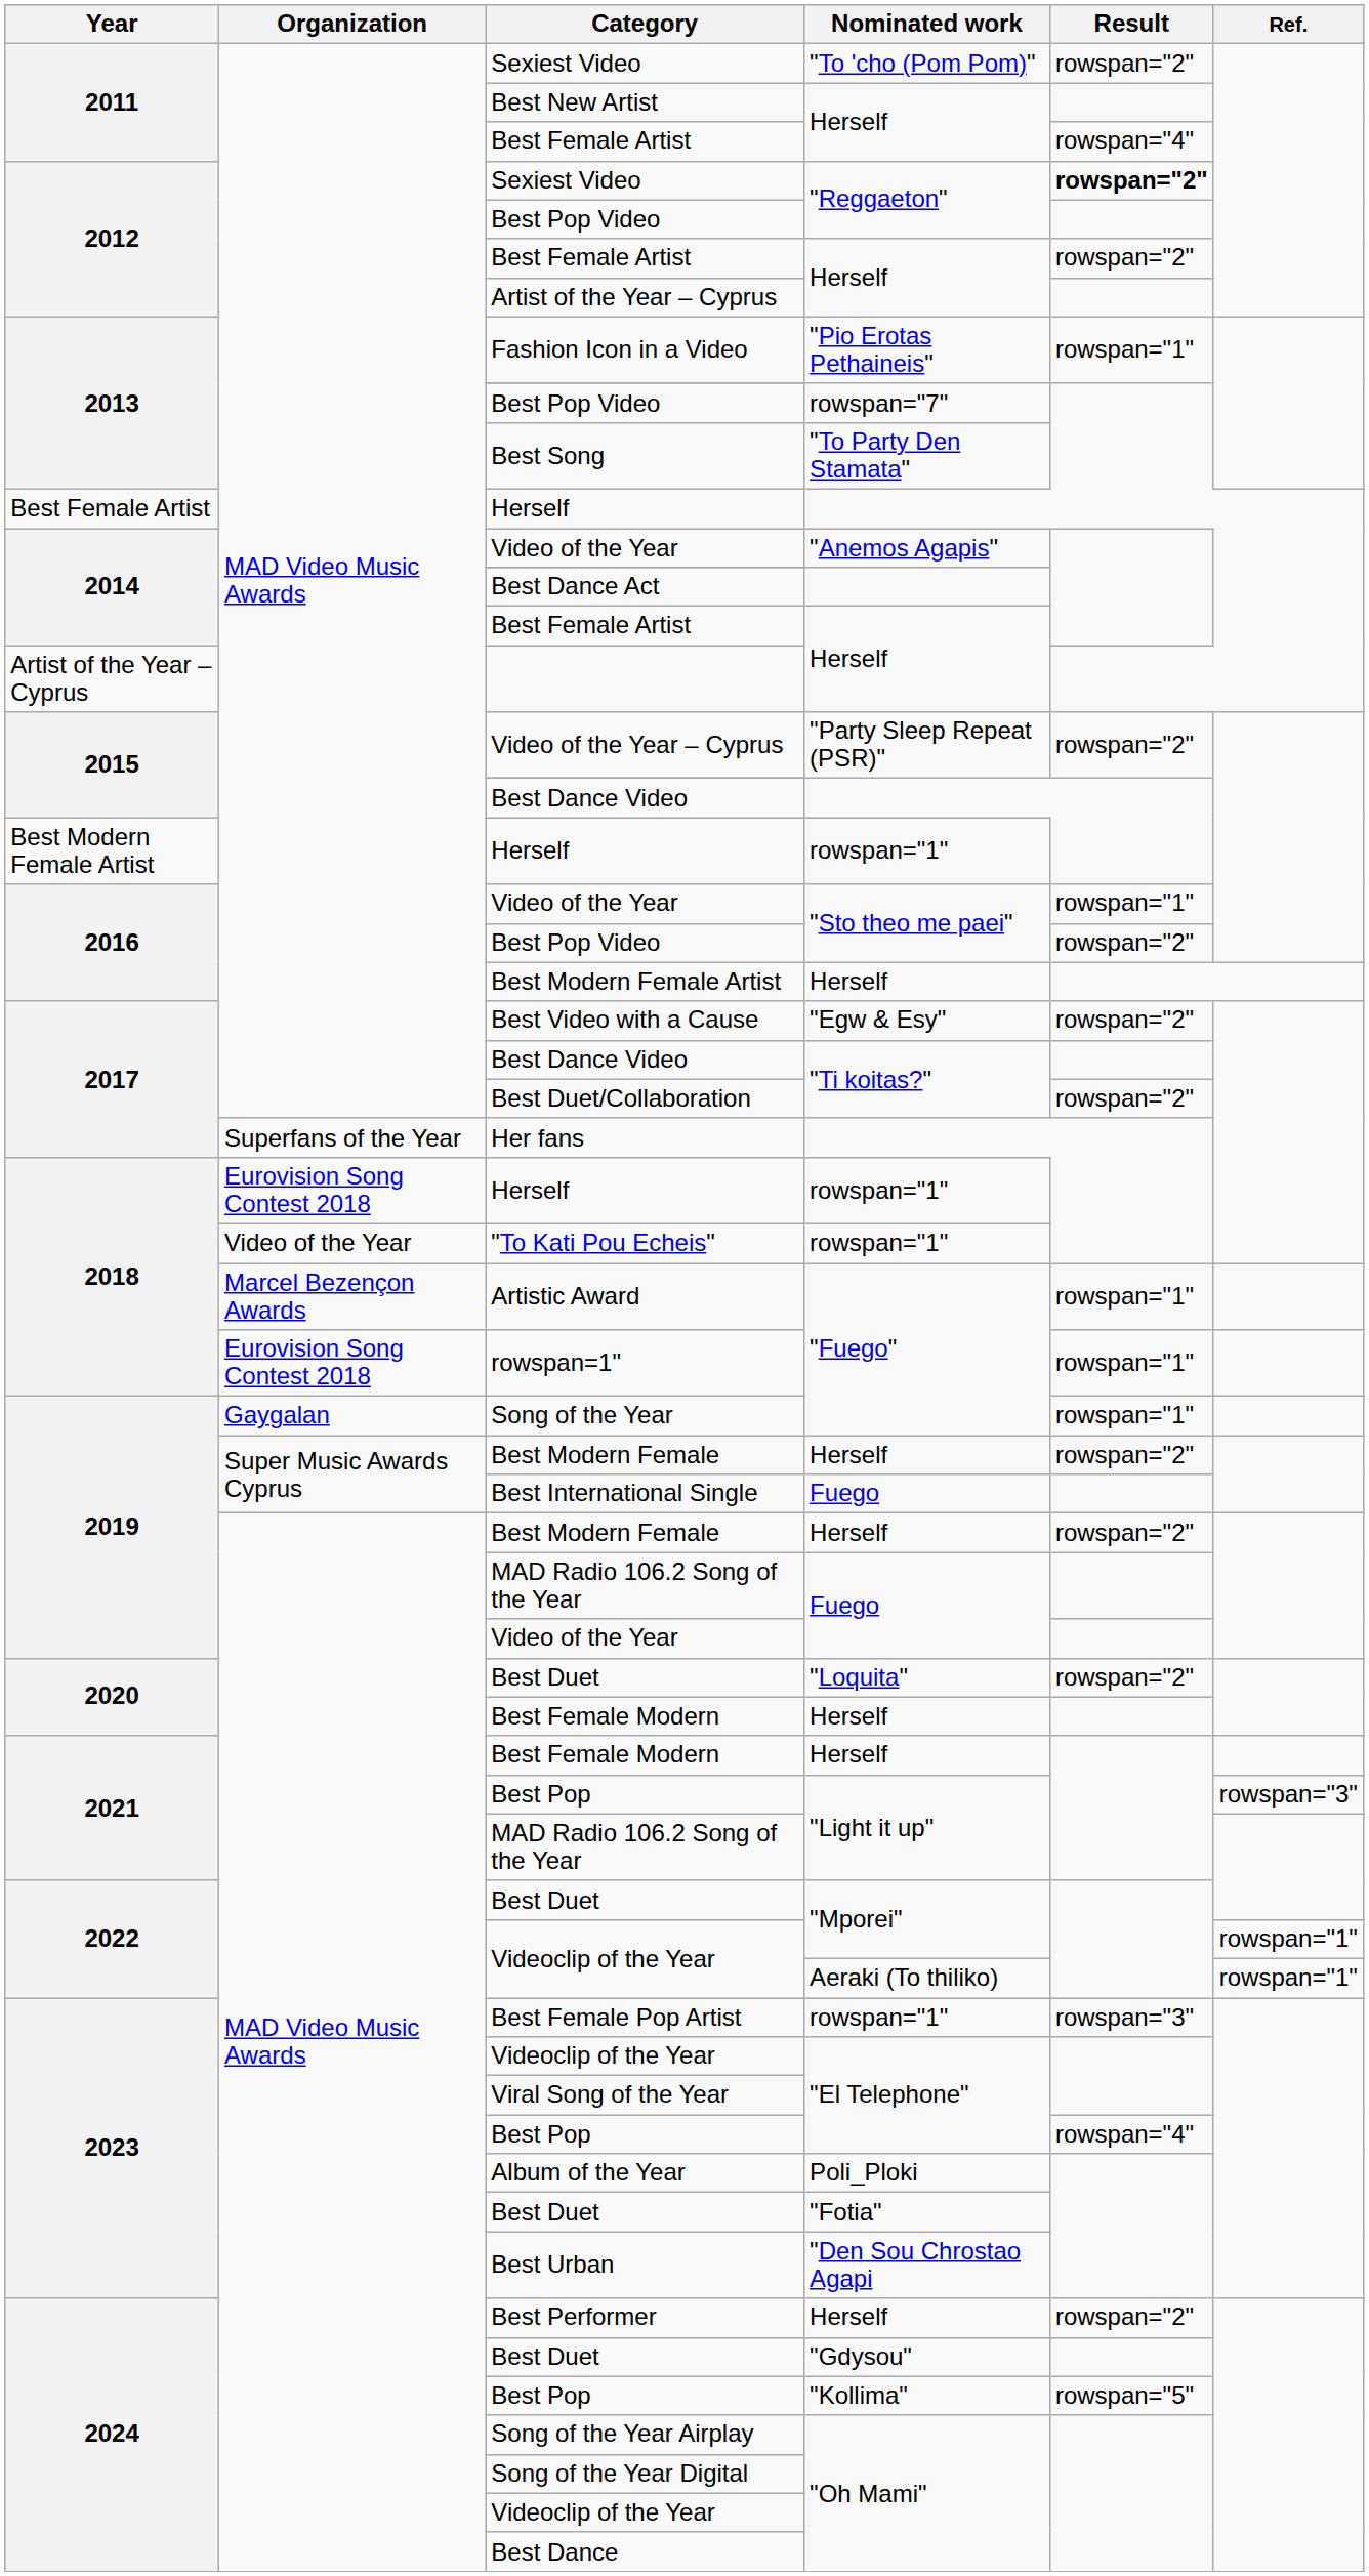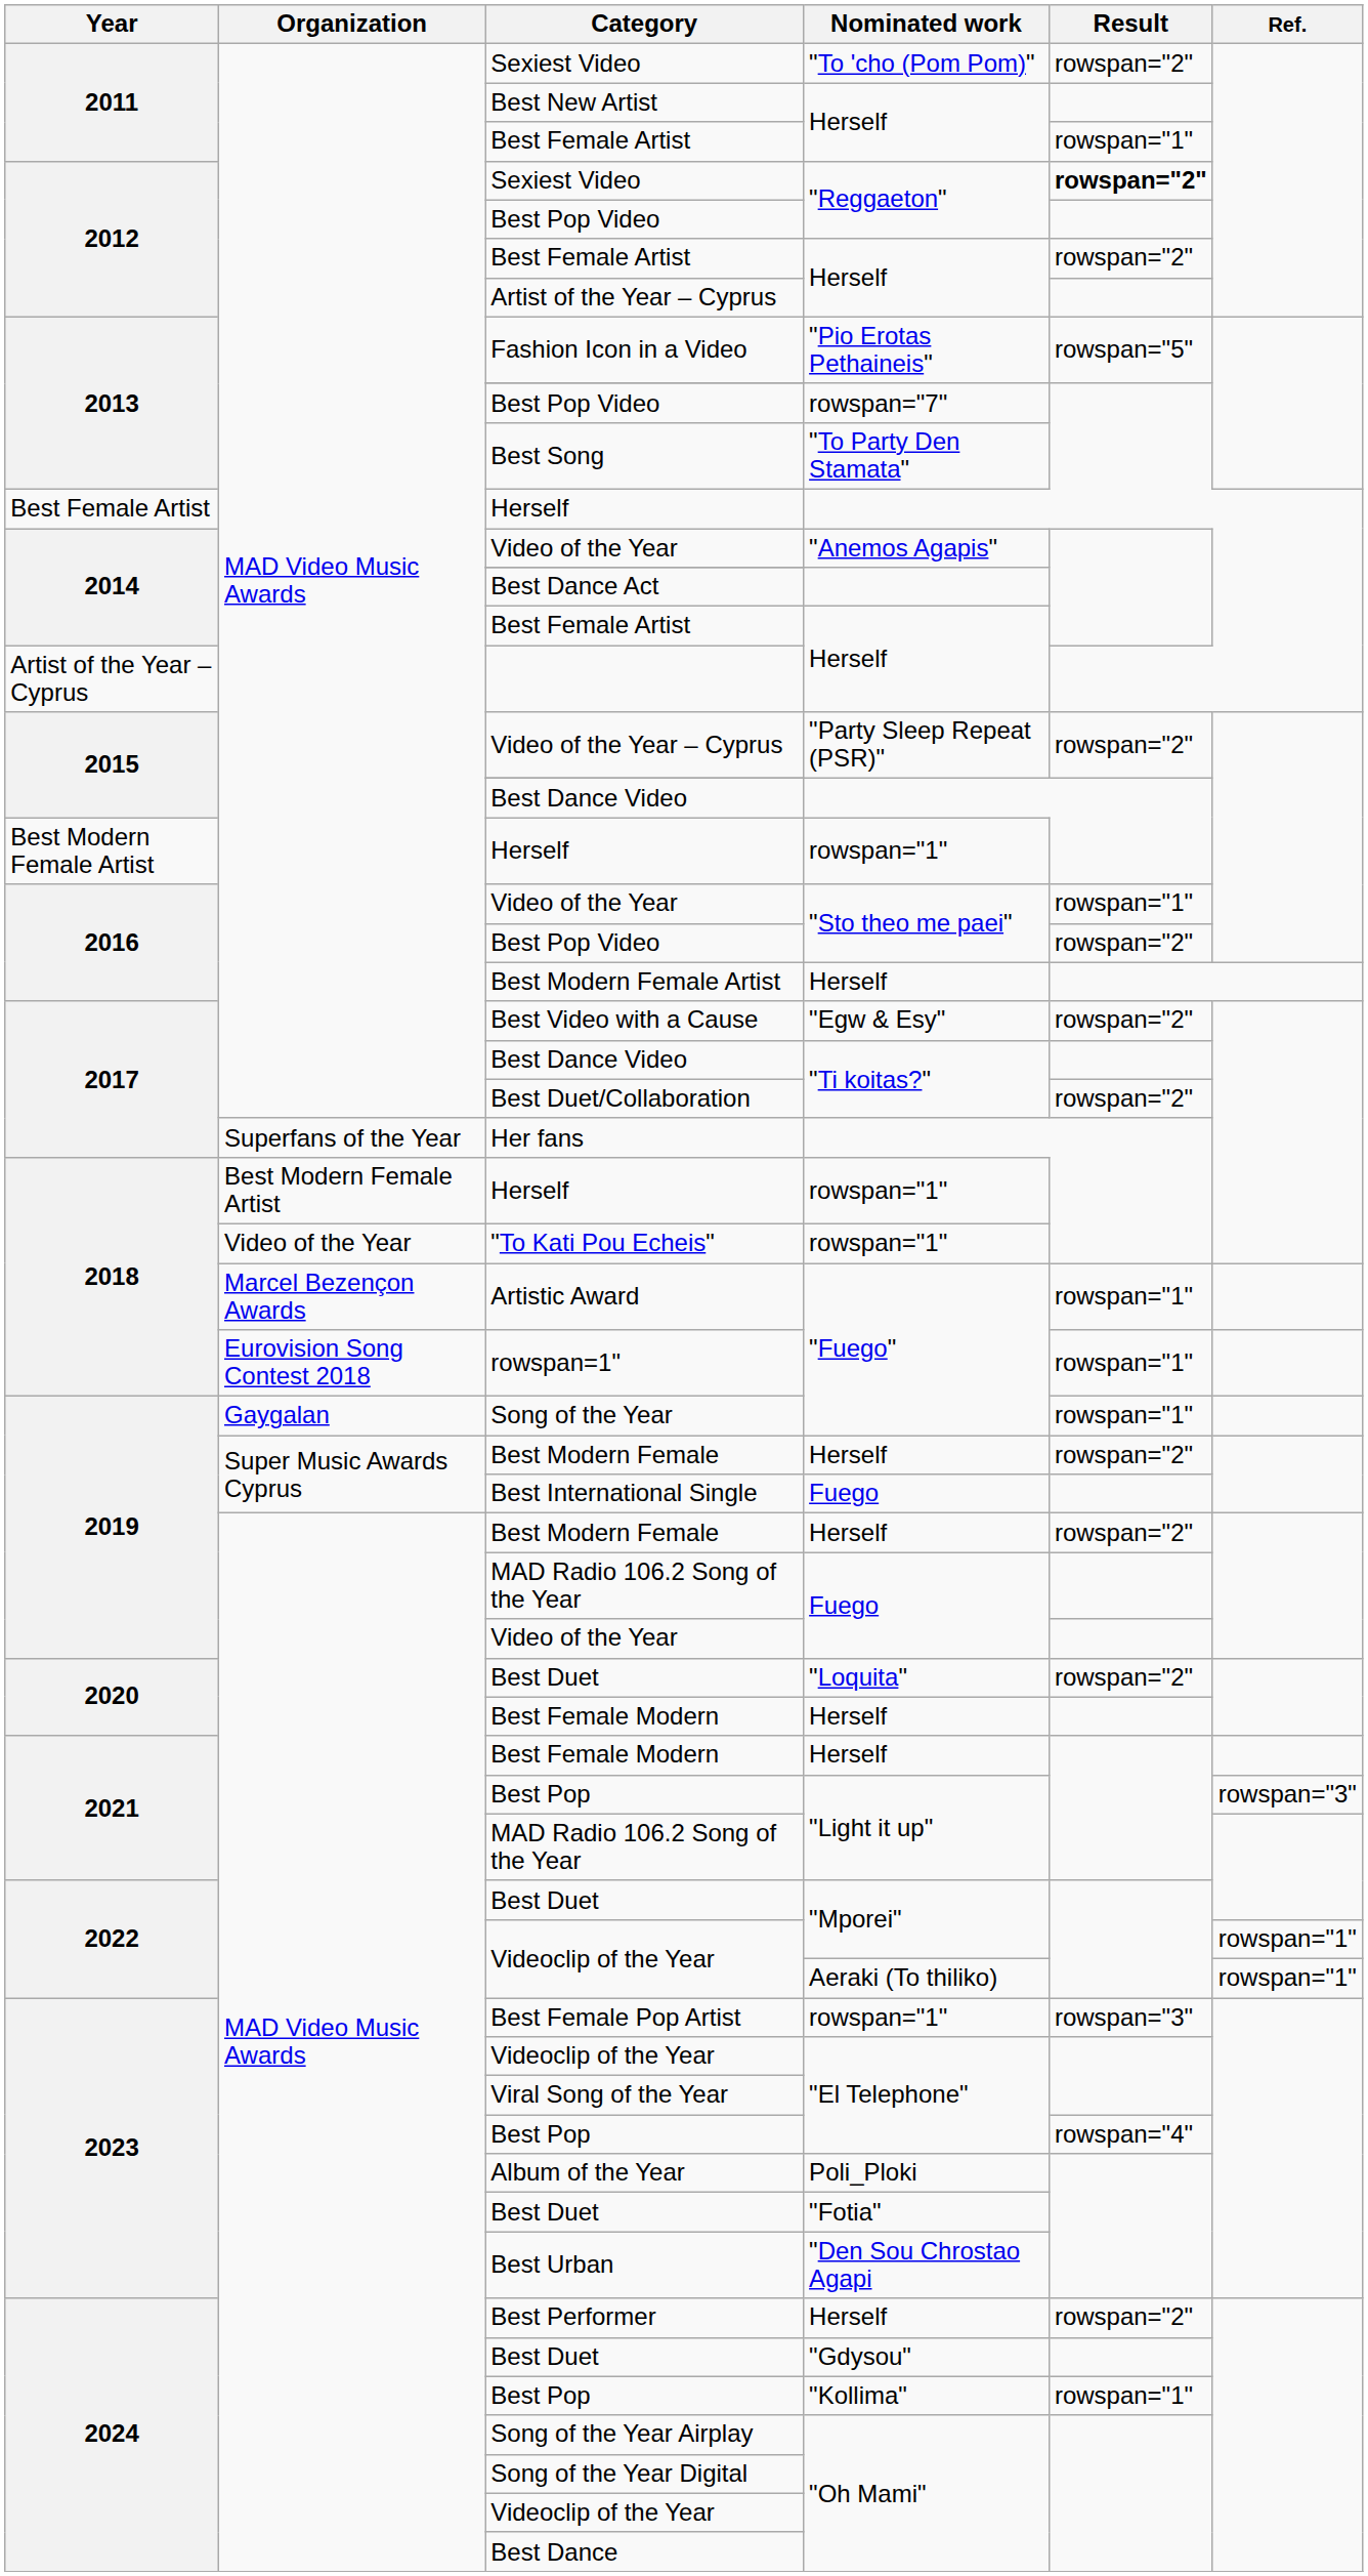 <table class="wikitable plainrowheaders" style="width:70%;">
 <tr>
 <th>Year</th>
 <th>Organization</th>
 <th>Category</th>
 <th>Nominated work</th>
 <th>Result</th>
 <th><small>Ref.</small></th>
 </tr>
 <tr>
 <th scope="row" rowspan="3">2011</th>
 <td rowspan="27"><a href='#'>MAD Video Music Awards</a></td>
 <td rowspan="1">Sexiest Video</td>
 <td rowspan="1">"<a href='#'>To 'cho (Pom Pom)</a>"</td>
 <td>rowspan="2" </td>
 <td rowspan="7" align="center"></td>
 </tr>
 <tr>
 <td rowspan="1">Best New Artist</td>
 <td rowspan="2">Herself</td>
 </tr>
 <tr>
 <td rowspan="1">Best Female Artist</td>
-<td>rowspan="4" </td>
+<td>rowspan="1" </td>
 </tr>
 <tr>
 <th scope="row" rowspan="4">2012</th>
 <td rowspan="1">Sexiest Video</td>
 <td rowspan="2">"<a href='#'>Reggaeton</a>"</td>
 <td><strong>rowspan="2" </strong></td>
 </tr>
 <tr>
 <td rowspan="1">Best Pop Video</td>
 </tr>
 <tr>
 <td rowspan="1">Best Female Artist</td>
 <td rowspan="2">Herself</td>
 <td>rowspan="2" </td>
 </tr>
 <tr>
 <td rowspan="1">Artist of the Year – Cyprus</td>
 </tr>
 <tr>
 <th scope="row" rowspan="4">2013</th>
 <td rowspan="1">Fashion Icon in a Video</td>
 <td rowspan="2">"<a href='#'>Pio Erotas Pethaineis</a>"</td>
-<td>rowspan="1" </td>
+<td>rowspan="5" </td>
 <td rowspan="4"></td>
 </tr>
 <tr>
 </tr>
 <tr>
 <td rowspan="1">Best Pop Video</td>
 <td>rowspan="7" </td>
 </tr>
 <tr>
 <td rowspan="1">Best Song</td>
 <td rowspan="1">"<a href='#'>To Party Den Stamata</a>"</td>
 </tr>
 <tr>
 <td rowspan="1">Best Female Artist</td>
 <td rowspan="1">Herself</td>
 </tr>
 <tr>
 <th scope="row" rowspan="4">2014</th>
 <td rowspan="1">Video of the Year</td>
 <td rowspan="2">"<a href='#'>Anemos Agapis</a>"</td>
 <td rowspan="4" align="center"></td>
 </tr>
 <tr>
 </tr>
 <tr>
 <td rowspan="1">Best Dance Act</td>
 </tr>
 <tr>
 <td rowspan="1">Best Female Artist</td>
 <td rowspan="2">Herself</td>
 </tr>
 <tr>
 <td rowspan="1">Artist of the Year – Cyprus</td>
 </tr>
 <tr>
 <th scope="row" rowspan="3">2015</th>
 <td rowspan="1">Video of the Year – Cyprus</td>
 <td rowspan="2">"Party Sleep Repeat (PSR)"</td>
 <td>rowspan="2" </td>
 <td rowspan="6"> </td>
 </tr>
 <tr>
 </tr>
 <tr>
 <td rowspan="1">Best Dance Video</td>
 </tr>
 <tr>
 <td rowspan="1">Best Modern Female Artist</td>
 <td rowspan="1">Herself</td>
 <td>rowspan="1" </td>
 </tr>
 <tr>
 <th scope="row" rowspan="3">2016</th>
 <td rowspan="1">Video of the Year</td>
 <td rowspan="2">"<a href='#'>Sto theo me paei</a>"</td>
 <td>rowspan="1" </td>
 </tr>
 <tr>
 <td rowspan="1">Best Pop Video</td>
 <td>rowspan="2" </td>
 </tr>
 <tr>
 <td rowspan="1">Best Modern Female Artist</td>
 <td rowspan="1">Herself</td>
 </tr>
 <tr>
 <th scope="row" rowspan="4">2017</th>
 <td rowspan="1">Best Video with a Cause</td>
 <td rowspan="1">"Egw & Esy"</td>
 <td>rowspan="2" </td>
 <td rowspan="6">  </td>
 </tr>
 <tr>
 <td rowspan="1">Best Dance Video</td>
 <td rowspan="2">"<a href='#'>Ti koitas?</a>"</td>
 </tr>
 <tr>
 <td rowspan="1">Best Duet/Collaboration</td>
 <td>rowspan="2" </td>
 </tr>
 <tr>
 <td rowspan="1">Superfans of the Year</td>
 <td rowspan="1">Her fans</td>
 </tr>
 <tr>
 <th scope="row" rowspan="4">2018</th>
-<td rowspan="1"><a href='#'>Eurovision Song Contest 2018</a></td>
+<td rowspan="1">Best Modern Female Artist</td>
 <td rowspan="1">Herself</td>
 <td>rowspan="1" </td>
 </tr>
 <tr>
 <td rowspan="1">Video of the Year</td>
 <td rowspan="1">"<a href='#'>To Kati Pou Echeis</a>"</td>
 <td>rowspan="1" </td>
 </tr>
 <tr>
 <td rowspan="1"><a href='#'>Marcel Bezençon Awards</a></td>
 <td rowspan="1">Artistic Award</td>
 <td rowspan="3">"<a href='#'>Fuego</a>"</td>
 <td>rowspan="1" </td>
 <td rowspan="1" align="center"></td>
 </tr>
 <tr>
 <td rowspan="1"><a href='#'>Eurovision Song Contest 2018</a></td>
 <td>rowspan=1" </td>
 <td>rowspan="1" </td>
 <td rowspan="1"></td>
 </tr>
 <tr>
 <th scope="row" rowspan="6">2019</th>
 <td rowspan="1"><a href='#'>Gaygalan</a></td>
 <td rowspan="1">Song of the Year</td>
 <td>rowspan="1" </td>
 <td rowspan="1" align="center"></td>
 </tr>
 <tr>
 <td rowspan="2">Super Music Awards Cyprus</td>
 <td>Best Modern Female</td>
 <td>Herself</td>
 <td>rowspan="2" </td>
 <td rowspan="2"></td>
 </tr>
 <tr>
 <td>Best International Single</td>
 <td><a href='#'>Fuego</a></td>
 </tr>
 <tr>
 <td rowspan="26"><a href='#'>MAD Video Music Awards</a></td>
 <td>Best Modern Female</td>
 <td>Herself</td>
 <td>rowspan="2" </td>
 <td rowspan="3"></td>
 </tr>
 <tr>
 <td>MAD Radio 106.2 Song of the Year</td>
 <td rowspan="2"><a href='#'>Fuego</a></td>
 </tr>
 <tr>
 <td>Video of the Year</td>
 <td></td>
 </tr>
 <tr>
 <th scope="row" rowspan="2">2020</th>
 <td rowspan="1">Best Duet</td>
 <td rowspan="1">"<a href='#'>Loquita</a>"</td>
 <td>rowspan="2" </td>
 <td rowspan="2"></td>
 </tr>
 <tr>
 <td rowspan="1">Best Female Modern</td>
 <td rowspan="1">Herself</td>
 </tr>
 <tr>
 <th scope="row" rowspan="3">2021</th>
 <td rowspan="1">Best Female Modern</td>
 <td rowspan="1">Herself</td>
 <td rowspan="3"></td>
 </tr>
 <tr>
 <td rowspan="1">Best Pop</td>
 <td rowspan="2">"Light it up"</td>
 <td>rowspan="3" </td>
 </tr>
 <tr>
 <td rowspan="1">MAD Radio 106.2 Song of the Year</td>
 </tr>
 <tr>
 <th scope="row" rowspan="3">2022</th>
 <td rowspan="1">Best Duet</td>
 <td rowspan="2">"Mporei"</td>
 <td rowspan="3"></td>
 </tr>
 <tr>
 <td rowspan="2">Videoclip of the Year</td>
 <td>rowspan="1" </td>
 </tr>
 <tr>
 <td rowspan="1">Aeraki (To thiliko)</td>
 <td>rowspan="1" </td>
 </tr>
 <tr>
 <th scope="row" rowspan="7">2023</th>
 <td rowspan="1">Best Female Pop Artist</td>
 <td>rowspan="1" </td>
 <td>rowspan="3" </td>
 <td rowspan="7"></td>
 </tr>
 <tr>
 <td rowspan="1">Videoclip of the Year</td>
 <td rowspan="3">"El Telephone"</td>
 </tr>
 <tr>
 <td rowspan="1">Viral Song of the Year</td>
 </tr>
 <tr>
 <td rowspan="1">Best Pop</td>
 <td>rowspan="4" </td>
 </tr>
 <tr>
 <td rowspan="1">Album of the Year</td>
 <td rowspan="1">Poli_Ploki</td>
 </tr>
 <tr>
 <td rowspan="1">Best Duet</td>
 <td rowspan="1">"Fotia"</td>
 </tr>
 <tr>
 <td rowspan="1">Best Urban</td>
 <td rowspan="1">"<a href='#'>Den Sou Chrostao Agapi</a></td>
 </tr>
 <tr>
 <th rowspan="7" scope="row">2024</th>
 <td rowspan="1">Best Performer</td>
 <td rowspan="1">Herself</td>
 <td>rowspan="2" </td>
 <td rowspan="7"></td>
 </tr>
 <tr>
 <td rowspan="1">Best Duet</td>
 <td rowspan="1">"Gdysou"</td>
 </tr>
 <tr>
 <td rowspan="1">Best Pop</td>
 <td rowspan="1">"Kollima"</td>
-<td>rowspan="5" </td>
+<td>rowspan="1" </td>
 </tr>
 <tr>
 <td rowspan="1">Song of the Year Airplay</td>
 <td rowspan="4">"Oh Mami"</td>
 </tr>
 <tr>
 <td rowspan="1">Song of the Year Digital</td>
 </tr>
 <tr>
 <td rowspan="1">Videoclip of the Year</td>
 </tr>
 <tr>
 <td rowspan="1">Best Dance</td>
 </tr>
 <tr>
 </tr>
 </table>
